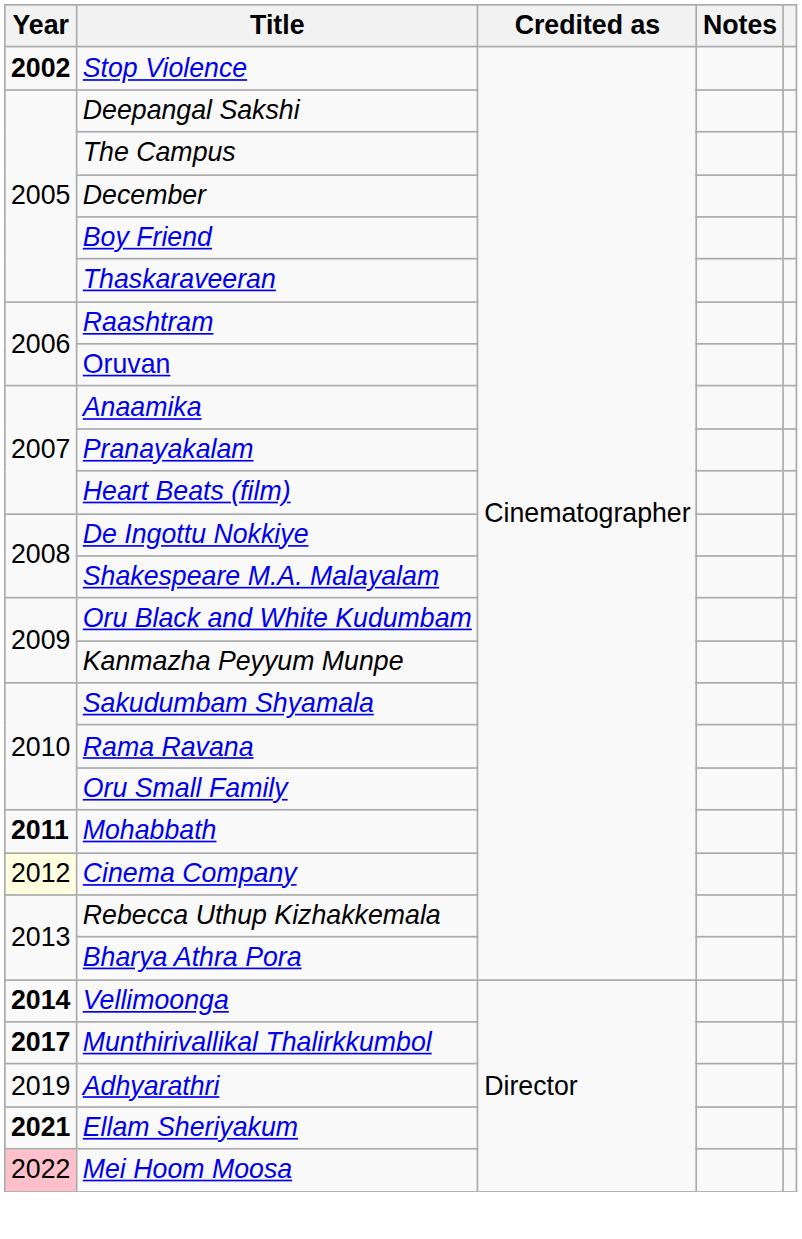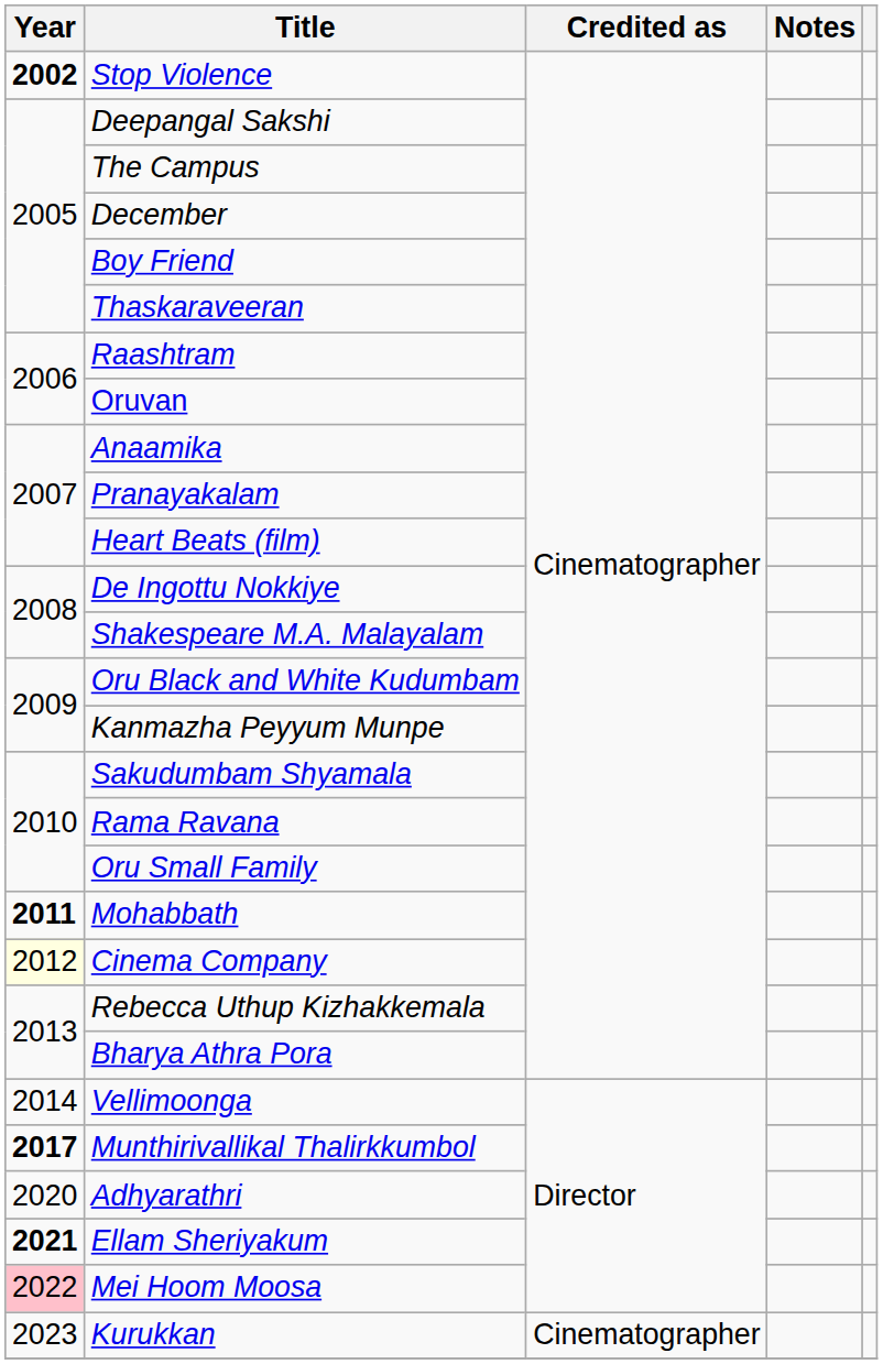 <table class="wikitable">
 <tr>
 <th>Year</th>
 <th>Title</th>
 <th>Credited as</th>
 <th>Notes</th>
 <th></th>
 </tr>
 <tr>
 <td><strong>2002</strong></td>
 <td><em><a href='#'>Stop Violence</a></em></td>
 <td rowspan="22">Cinematographer</td>
 <td></td>
 <td></td>
 </tr>
 <tr>
 <td rowspan="5">2005</td>
 <td><em>Deepangal Sakshi</em></td>
 <td></td>
 <td></td>
 </tr>
 <tr>
 <td><em>The Campus</em></td>
 <td></td>
 <td></td>
 </tr>
 <tr>
 <td><em>December</em></td>
 <td></td>
 <td></td>
 </tr>
 <tr>
 <td><em><a href='#'>Boy Friend</a></em></td>
 <td></td>
 <td></td>
 </tr>
 <tr>
 <td><em><a href='#'>Thaskaraveeran</a></em></td>
 <td></td>
 <td></td>
 </tr>
 <tr>
 <td rowspan="2”">2006</td>
 <td><em><a href='#'>Raashtram</a></em></td>
 <td></td>
 <td></td>
 </tr>
 <tr>
 <td><a href='#'>Oruvan</a></td>
 <td></td>
 <td></td>
 </tr>
 <tr>
 <td rowspan="3">2007</td>
 <td><em><a href='#'>Anaamika</a></em></td>
 <td></td>
 <td></td>
 </tr>
 <tr>
 <td><em><a href='#'>Pranayakalam</a></em></td>
 <td></td>
 <td></td>
 </tr>
 <tr>
 <td><em><a href='#'>Heart Beats (film)</a></em></td>
 <td></td>
 <td></td>
 </tr>
 <tr>
 <td rowspan="2">2008</td>
 <td><em><a href='#'>De Ingottu Nokkiye</a></em></td>
 <td></td>
 <td></td>
 </tr>
 <tr>
 <td><em><a href='#'>Shakespeare M.A. Malayalam</a></em></td>
 <td></td>
 <td></td>
 </tr>
 <tr>
 <td rowspan="2">2009</td>
 <td><em><a href='#'>Oru Black and White Kudumbam</a></em></td>
 <td></td>
 <td></td>
 </tr>
 <tr>
 <td><em>Kanmazha Peyyum Munpe</em></td>
 <td></td>
 <td></td>
 </tr>
 <tr>
 <td rowspan="3">2010</td>
 <td><em><a href='#'>Sakudumbam Shyamala</a></em></td>
 <td></td>
 <td></td>
 </tr>
 <tr>
 <td><em><a href='#'>Rama Ravana</a></em></td>
 <td></td>
 <td></td>
 </tr>
 <tr>
 <td><em><a href='#'>Oru Small Family</a></em></td>
 <td></td>
 <td></td>
 </tr>
 <tr>
 <td><strong>2011</strong></td>
 <td><em><a href='#'>Mohabbath</a></em></td>
 <td></td>
 <td></td>
 </tr>
 <tr>
 <td style="background: lightyellow;">2012</td>
 <td><em><a href='#'>Cinema Company</a></em></td>
 <td></td>
 <td></td>
 </tr>
 <tr>
 <td rowspan="2">2013</td>
 <td><em>Rebecca Uthup Kizhakkemala</em></td>
 <td></td>
 <td></td>
 </tr>
 <tr>
 <td><em><a href='#'>Bharya Athra Pora</a></em></td>
 <td></td>
 <td></td>
 </tr>
 <tr>
-<td><strong>2014</strong></td>
+<td>2014</td>
 <td><em><a href='#'>Vellimoonga</a></em></td>
 <td rowspan="5">Director</td>
 <td></td>
 <td></td>
 </tr>
 <tr>
 <td><strong>2017</strong></td>
 <td ! scope="row"><em><a href='#'>Munthirivallikal Thalirkkumbol</a></em></td>
 <td></td>
 <td></td>
 </tr>
 <tr>
-<td>2019</td>
+<td>2020</td>
 <td><em><a href='#'>Adhyarathri</a></em></td>
 <td></td>
 <td></td>
 </tr>
 <tr>
 <td><strong>2021</strong></td>
 <td><em><a href='#'>Ellam Sheriyakum</a></em></td>
 <td></td>
 <td></td>
 </tr>
 <tr>
 <td style="background: pink;">2022</td>
 <td><em><a href='#'>Mei Hoom Moosa</a></em></td>
 <td></td>
 <td></td>
 </tr>
 <tr>
+<td>2023</td>
+<td><em><a href='#'>Kurukkan</a></em></td>
+<td>Cinematographer</td>
+<td></td>
+<td></td>
+</tr>
+<tr>
 </tr>
 </table>
